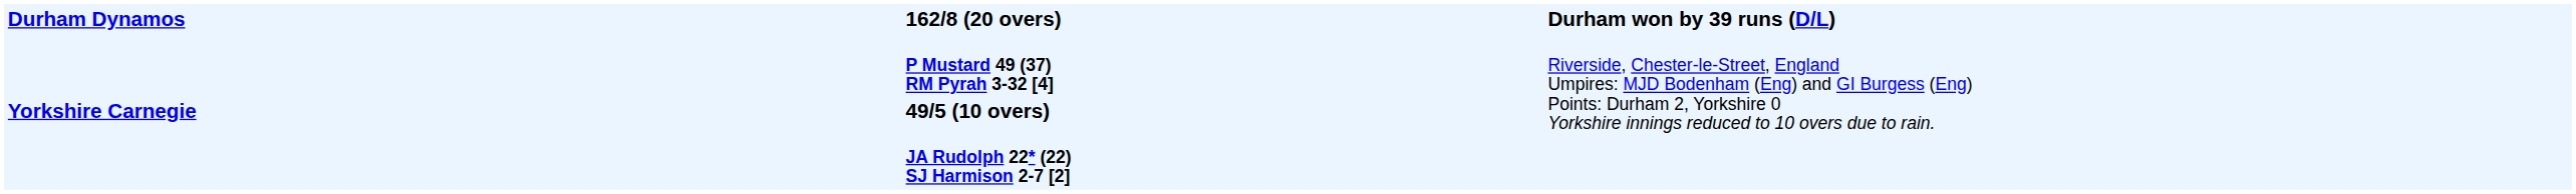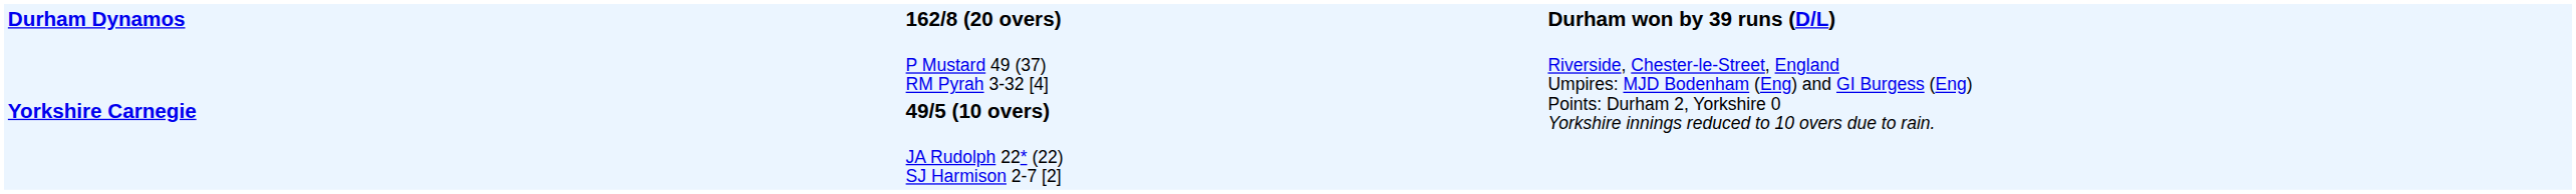 <table style="width:100%; background:#ebf5ff;">
 <tr>
 <td style="width:35%; vertical-align:top;" rowspan="2"><strong><a href='#'>Durham Dynamos</a></strong></td>
 <td style="width:25%;"><strong>162/8 (20 overs)</strong></td>
 <td style="width:40%;"><strong>Durham won by 39 runs (<a href='#'>D/L</a>)</strong></td>
 </tr>
 <tr>
-<td style="font-size: 85%;"><strong><br><a href='#'>P Mustard</a> 49 (37)<br> <a href='#'>RM Pyrah</a> 3-32 [4]</strong></td>
+<td style="font-size: 85%;"><br><a href='#'>P Mustard</a> 49 (37)<br> <a href='#'>RM Pyrah</a> 3-32 [4]</td>
 <td style="vertical-align:top; font-size:85%;" rowspan="3"><br><a href='#'>Riverside</a>, <a href='#'>Chester-le-Street</a>, <a href='#'>England</a><br> Umpires: <a href='#'>MJD Bodenham</a> (<a href='#'>Eng</a>) and <a href='#'>GI Burgess</a> (<a href='#'>Eng</a>)<br> Points: Durham 2, Yorkshire 0<br><em>Yorkshire innings reduced to 10 overs due to rain.</em></td>
 </tr>
 <tr>
 <td style="vertical-align:top;" rowspan="2"><strong><a href='#'>Yorkshire Carnegie</a></strong></td>
 <td><strong>49/5 (10 overs)</strong></td>
 </tr>
 <tr>
-<td style="font-size: 85%;"><strong><br><a href='#'>JA Rudolph</a> 22<a href='#'>*</a> (22)<br> <a href='#'>SJ Harmison</a> 2-7 [2]</strong></td>
+<td style="font-size: 85%;"><br><a href='#'>JA Rudolph</a> 22<a href='#'>*</a> (22)<br> <a href='#'>SJ Harmison</a> 2-7 [2]</td>
 </tr>
 </table>
